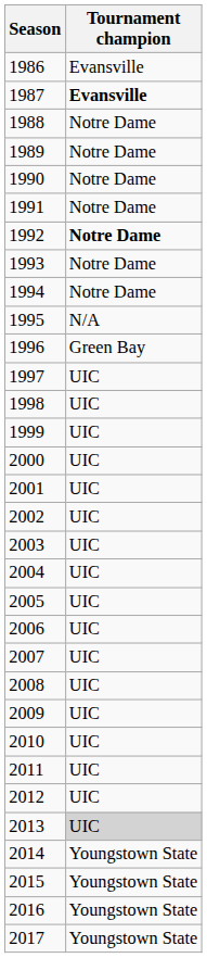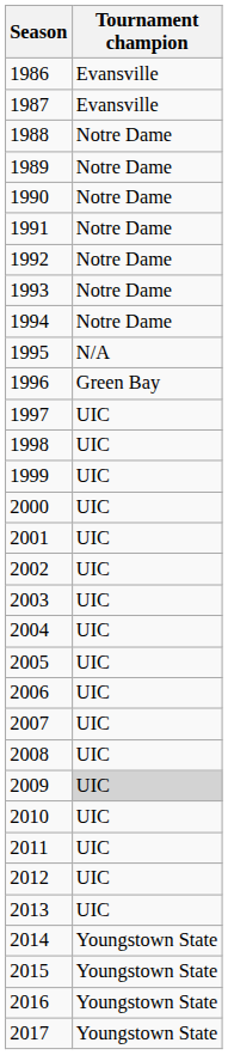 <table class="wikitable sortable">
 <tr>
 <th>Season</th>
 <th>Tournament<br>champion</th>
 </tr>
 <tr>
 <td>1986</td>
 <td>Evansville</td>
 </tr>
 <tr>
 <td>1987</td>
-<td><strong>Evansville</strong></td>
+<td>Evansville</td>
 </tr>
 <tr>
 <td>1988</td>
 <td>Notre Dame</td>
 </tr>
 <tr>
 <td>1989</td>
 <td>Notre Dame</td>
 </tr>
 <tr>
 <td>1990</td>
 <td>Notre Dame</td>
 </tr>
 <tr>
 <td>1991</td>
 <td>Notre Dame</td>
 </tr>
 <tr>
 <td>1992</td>
-<td><strong>Notre Dame</strong></td>
+<td>Notre Dame</td>
 </tr>
 <tr>
 <td>1993</td>
 <td>Notre Dame</td>
 </tr>
 <tr>
 <td>1994</td>
 <td>Notre Dame</td>
 </tr>
 <tr>
 <td>1995</td>
 <td>N/A</td>
 </tr>
 <tr>
 <td>1996</td>
 <td>Green Bay</td>
 </tr>
 <tr>
 <td>1997</td>
 <td>UIC</td>
 </tr>
 <tr>
 <td>1998</td>
 <td>UIC</td>
 </tr>
 <tr>
 <td>1999</td>
 <td>UIC</td>
 </tr>
 <tr>
 <td>2000</td>
 <td>UIC</td>
 </tr>
 <tr>
 <td>2001</td>
 <td>UIC</td>
 </tr>
 <tr>
 <td>2002</td>
 <td>UIC</td>
 </tr>
 <tr>
 <td>2003</td>
 <td>UIC</td>
 </tr>
 <tr>
 <td>2004</td>
 <td>UIC</td>
 </tr>
 <tr>
 <td>2005</td>
 <td>UIC</td>
 </tr>
 <tr>
 <td>2006</td>
 <td>UIC</td>
 </tr>
 <tr>
 <td>2007</td>
 <td>UIC</td>
 </tr>
 <tr>
 <td>2008</td>
 <td>UIC</td>
 </tr>
 <tr>
 <td>2009</td>
-<td>UIC</td>
+<td style="background: lightgrey;">UIC</td>
 </tr>
 <tr>
 <td>2010</td>
 <td>UIC</td>
 </tr>
 <tr>
 <td>2011</td>
 <td>UIC</td>
 </tr>
 <tr>
 <td>2012</td>
 <td>UIC</td>
 </tr>
 <tr>
 <td>2013</td>
-<td style="background: lightgrey;">UIC</td>
+<td>UIC</td>
 </tr>
 <tr>
 <td>2014</td>
 <td>Youngstown State</td>
 </tr>
 <tr>
 <td>2015</td>
 <td>Youngstown State</td>
 </tr>
 <tr>
 <td>2016</td>
 <td>Youngstown State</td>
 </tr>
 <tr>
 <td>2017</td>
 <td>Youngstown State</td>
 </tr>
 </table>
